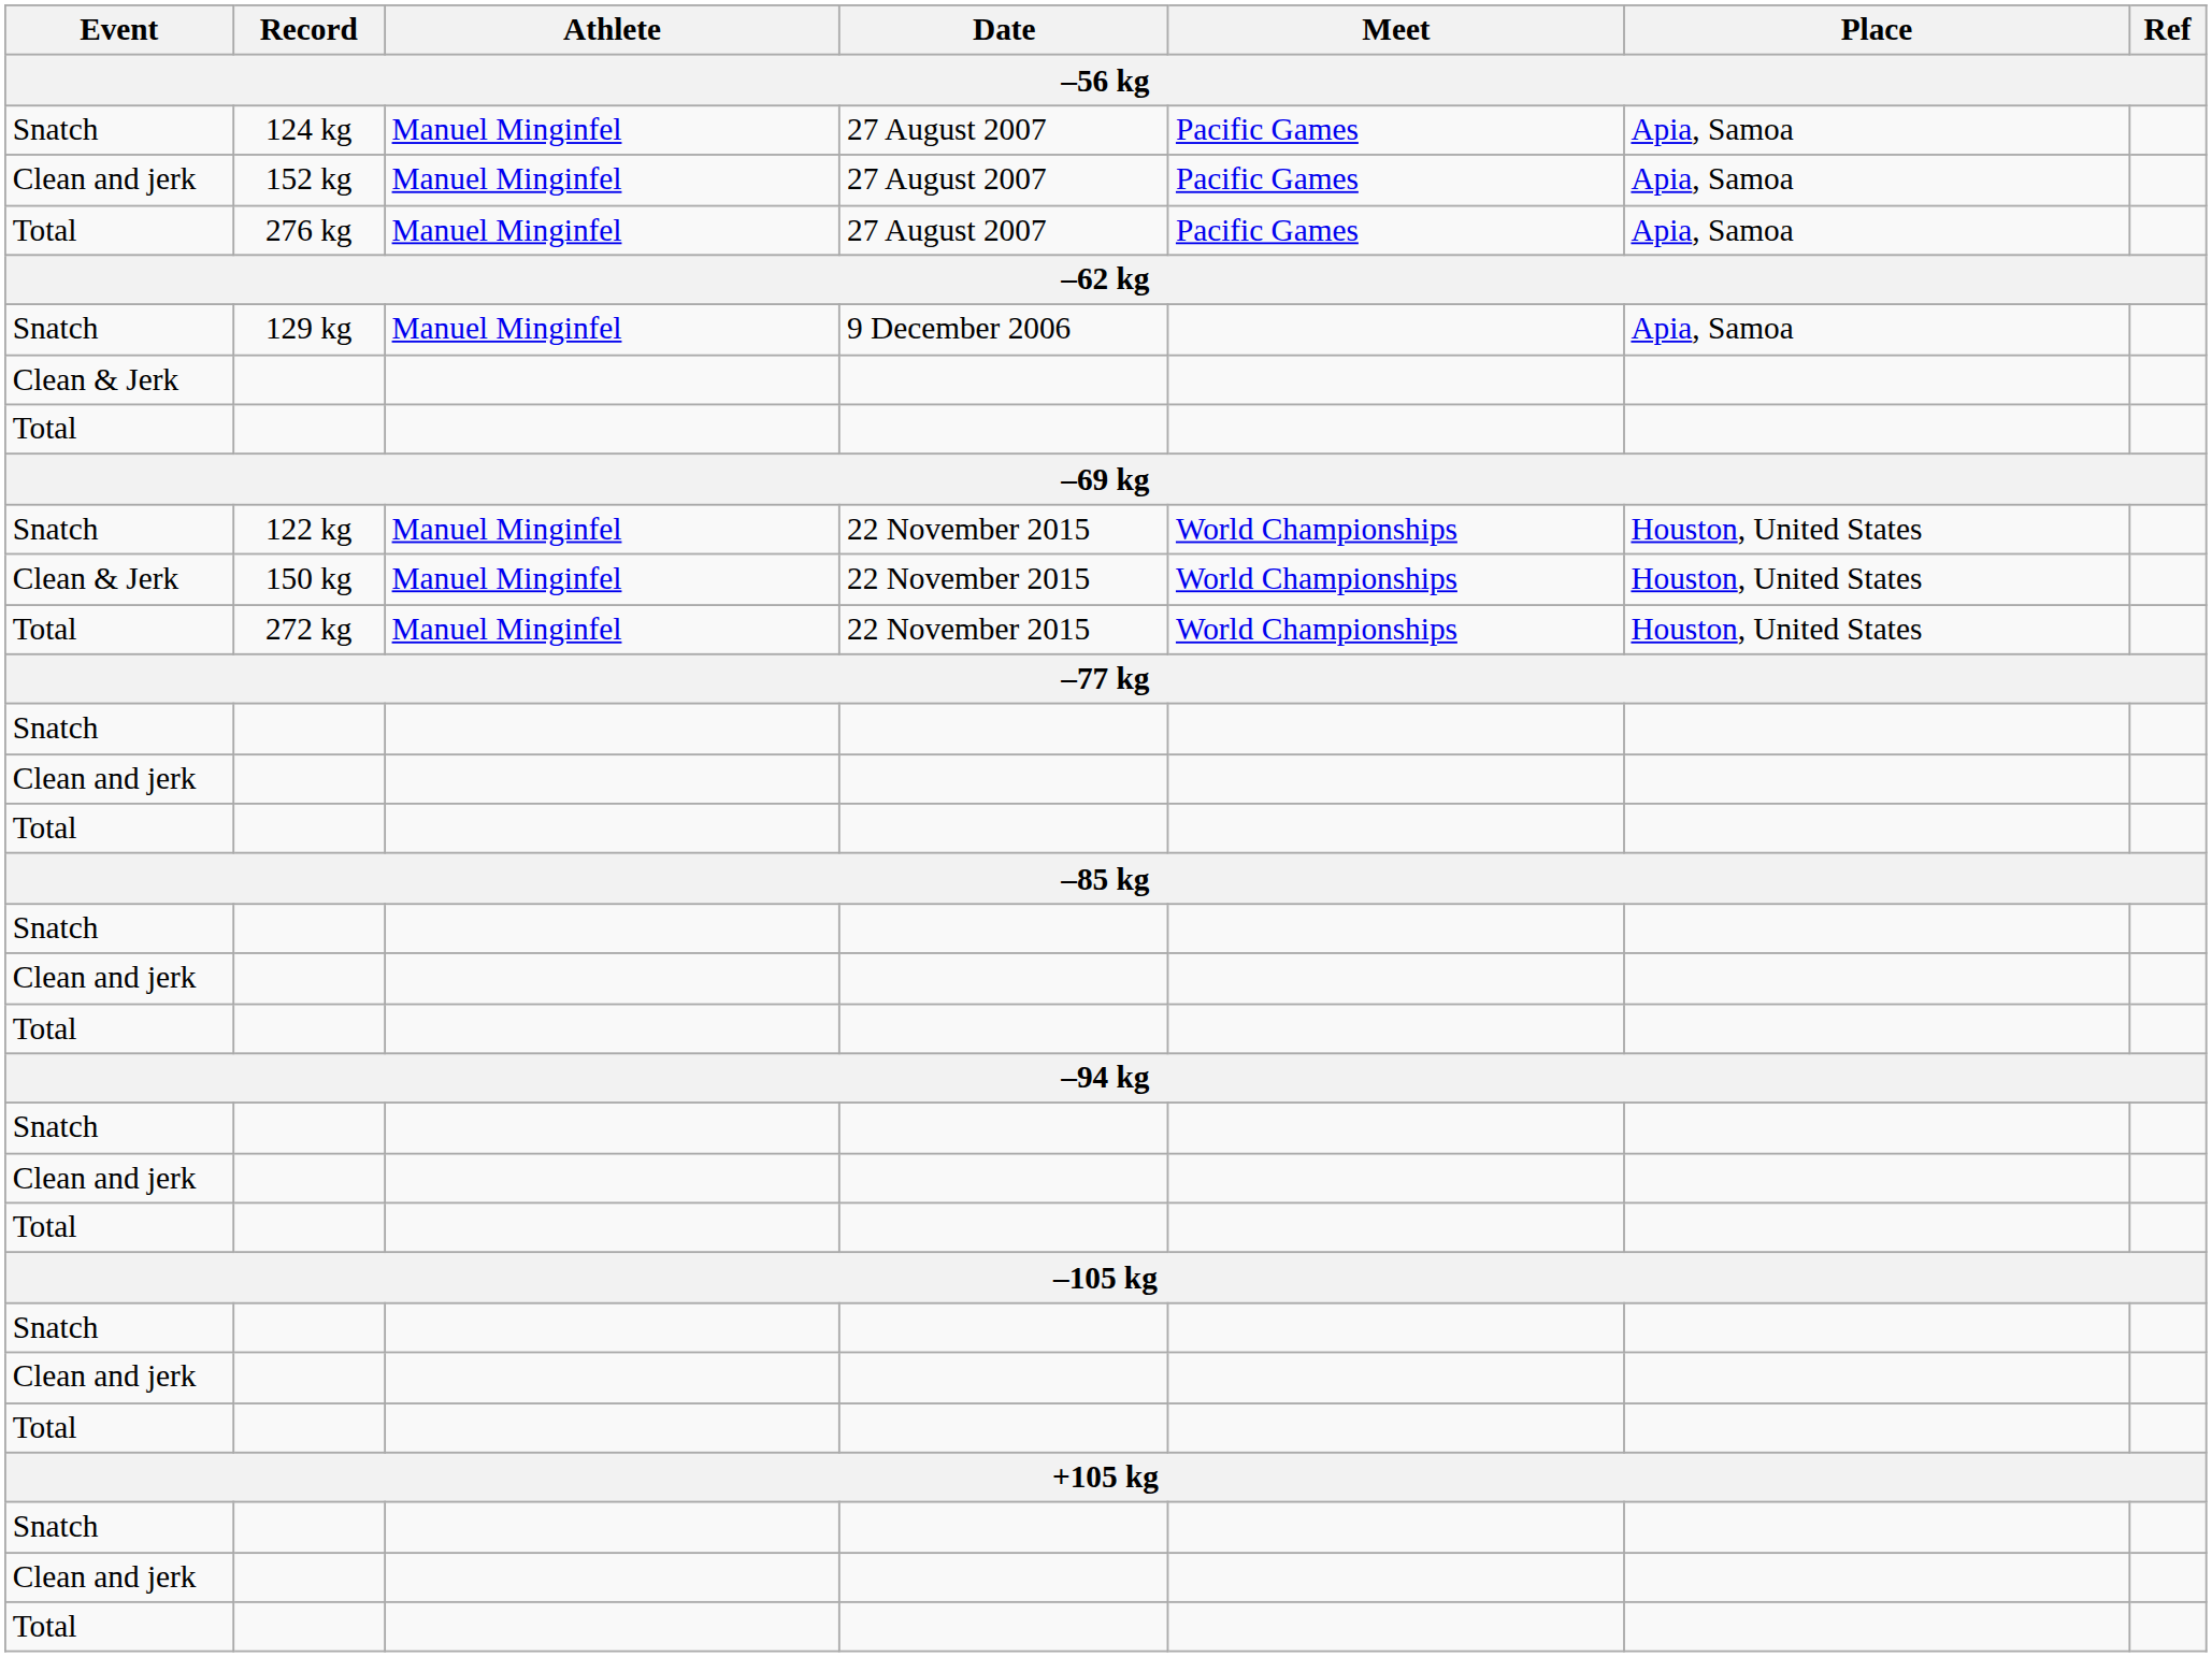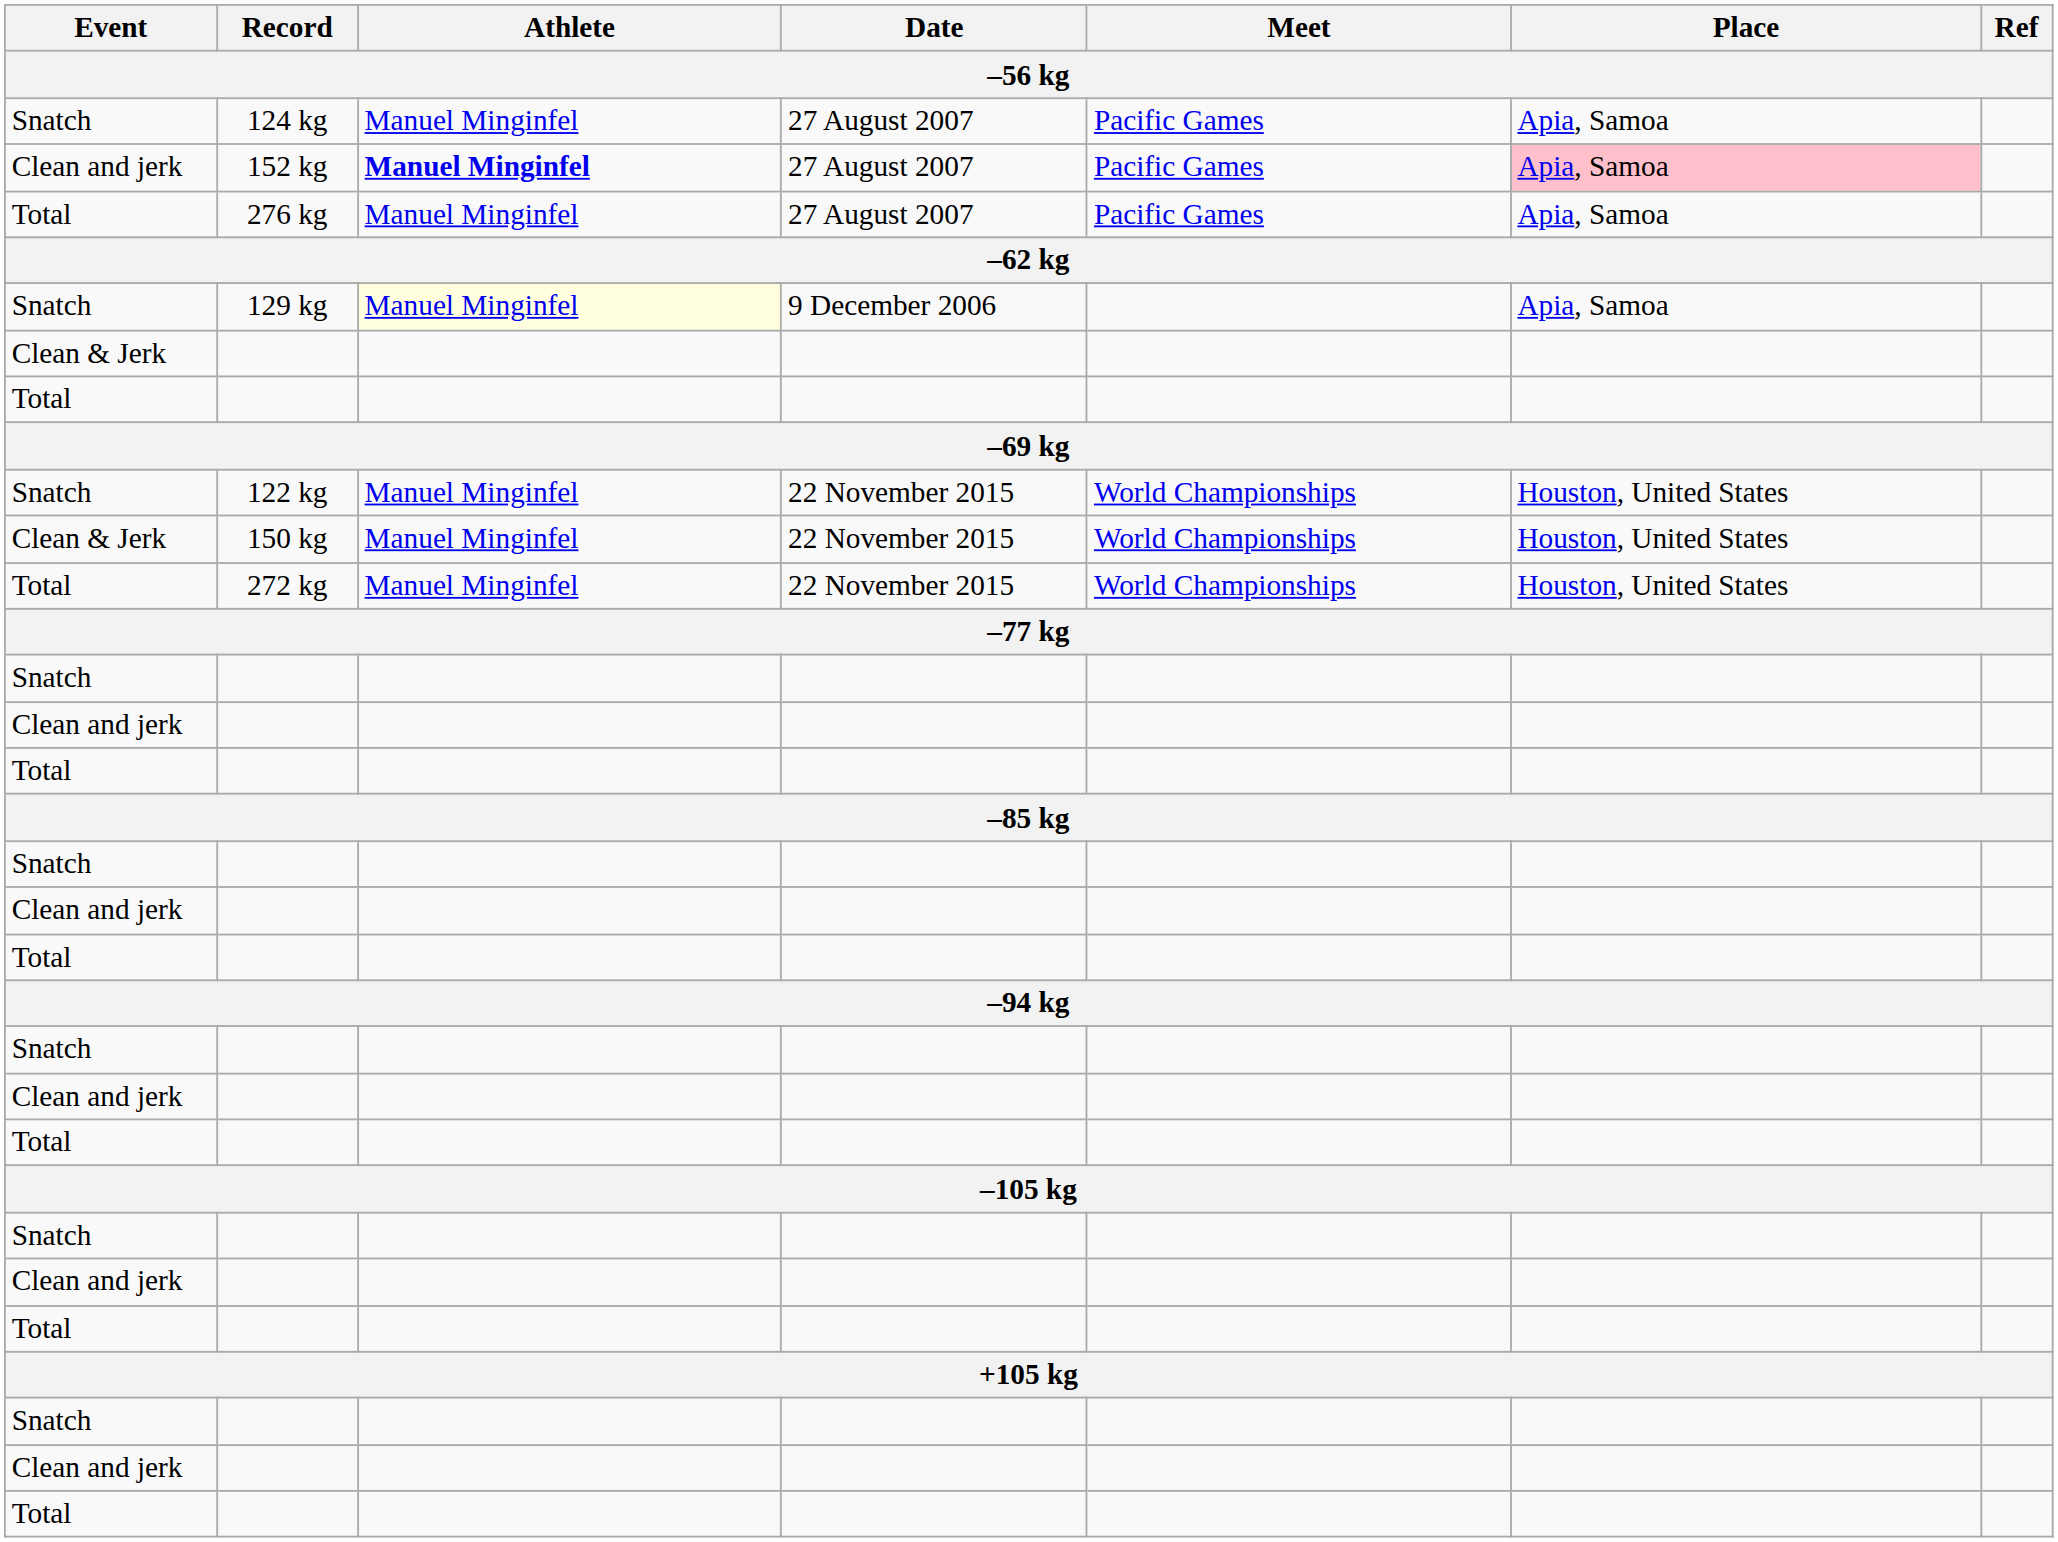 <table class="wikitable">
 <tr>
 <th width=9%>Event</th>
 <th width=6%>Record</th>
 <th width=18%>Athlete</th>
 <th width=13%>Date</th>
 <th width=18%>Meet</th>
 <th width=20%>Place</th>
 <th width=3%>Ref</th>
 </tr>
 <tr bgcolor="#DDDDDD">
 <th colspan="8">–56 kg</th>
 </tr>
 <tr>
 <td>Snatch</td>
 <td align="center">124 kg</td>
 <td><a href='#'>Manuel Minginfel</a></td>
 <td>27 August 2007</td>
 <td><a href='#'>Pacific Games</a></td>
 <td> <a href='#'>Apia</a>, Samoa</td>
 <td></td>
 </tr>
 <tr>
 <td>Clean and jerk</td>
 <td align="center">152 kg</td>
-<td><a href='#'>Manuel Minginfel</a></td>
+<td><strong><a href='#'>Manuel Minginfel</a></strong></td>
 <td>27 August 2007</td>
 <td><a href='#'>Pacific Games</a></td>
-<td> <a href='#'>Apia</a>, Samoa</td>
+<td style="background: pink;"> <a href='#'>Apia</a>, Samoa</td>
 <td></td>
 </tr>
 <tr>
 <td>Total</td>
 <td align="center">276 kg</td>
 <td><a href='#'>Manuel Minginfel</a></td>
 <td>27 August 2007</td>
 <td><a href='#'>Pacific Games</a></td>
 <td> <a href='#'>Apia</a>, Samoa</td>
 <td></td>
 </tr>
 <tr bgcolor="#DDDDDD">
 <th colspan="8">–62 kg</th>
 </tr>
 <tr>
 <td>Snatch</td>
 <td align="center">129 kg</td>
-<td><a href='#'>Manuel Minginfel</a></td>
+<td style="background: lightyellow;"><a href='#'>Manuel Minginfel</a></td>
 <td>9 December 2006</td>
 <td></td>
 <td> <a href='#'>Apia</a>, Samoa</td>
 <td></td>
 </tr>
 <tr>
 <td>Clean & Jerk</td>
 <td align="center"></td>
 <td></td>
 <td></td>
 <td></td>
 <td></td>
 <td></td>
 </tr>
 <tr>
 <td>Total</td>
 <td align="center"></td>
 <td></td>
 <td></td>
 <td></td>
 <td></td>
 <td></td>
 </tr>
 <tr bgcolor="#DDDDDD">
 <th colspan="8">–69 kg</th>
 </tr>
 <tr>
 <td>Snatch</td>
 <td align="center">122 kg</td>
 <td><a href='#'>Manuel Minginfel</a></td>
 <td>22 November 2015</td>
 <td><a href='#'>World Championships</a></td>
 <td> <a href='#'>Houston</a>, United States</td>
 <td></td>
 </tr>
 <tr>
 <td>Clean & Jerk</td>
 <td align="center">150 kg</td>
 <td><a href='#'>Manuel Minginfel</a></td>
 <td>22 November 2015</td>
 <td><a href='#'>World Championships</a></td>
 <td> <a href='#'>Houston</a>, United States</td>
 <td></td>
 </tr>
 <tr>
 <td>Total</td>
 <td align="center">272 kg</td>
 <td><a href='#'>Manuel Minginfel</a></td>
 <td>22 November 2015</td>
 <td><a href='#'>World Championships</a></td>
 <td> <a href='#'>Houston</a>, United States</td>
 <td></td>
 </tr>
 <tr bgcolor="#DDDDDD">
 <th colspan="8">–77 kg</th>
 </tr>
 <tr>
 <td>Snatch</td>
 <td></td>
 <td></td>
 <td></td>
 <td></td>
 <td></td>
 <td></td>
 </tr>
 <tr>
 <td>Clean and jerk</td>
 <td></td>
 <td></td>
 <td></td>
 <td></td>
 <td></td>
 <td></td>
 </tr>
 <tr>
 <td>Total</td>
 <td></td>
 <td></td>
 <td></td>
 <td></td>
 <td></td>
 <td></td>
 </tr>
 <tr bgcolor="#DDDDDD">
 <th colspan="8">–85 kg</th>
 </tr>
 <tr>
 <td>Snatch</td>
 <td align="center"></td>
 <td></td>
 <td></td>
 <td></td>
 <td></td>
 <td></td>
 </tr>
 <tr>
 <td>Clean and jerk</td>
 <td align="center"></td>
 <td></td>
 <td></td>
 <td></td>
 <td></td>
 <td></td>
 </tr>
 <tr>
 <td>Total</td>
 <td align="center"></td>
 <td></td>
 <td></td>
 <td></td>
 <td></td>
 <td></td>
 </tr>
 <tr bgcolor="#DDDDDD">
 <th colspan="8">–94 kg</th>
 </tr>
 <tr>
 <td>Snatch</td>
 <td align="center"></td>
 <td></td>
 <td></td>
 <td></td>
 <td></td>
 <td></td>
 </tr>
 <tr>
 <td>Clean and jerk</td>
 <td align="center"></td>
 <td></td>
 <td></td>
 <td></td>
 <td></td>
 <td></td>
 </tr>
 <tr>
 <td>Total</td>
 <td align="center"></td>
 <td></td>
 <td></td>
 <td></td>
 <td></td>
 <td></td>
 </tr>
 <tr bgcolor="#DDDDDD">
 <th colspan="8">–105 kg</th>
 </tr>
 <tr>
 <td>Snatch</td>
 <td></td>
 <td></td>
 <td></td>
 <td></td>
 <td></td>
 <td></td>
 </tr>
 <tr>
 <td>Clean and jerk</td>
 <td align="center"></td>
 <td></td>
 <td></td>
 <td></td>
 <td></td>
 <td></td>
 </tr>
 <tr>
 <td>Total</td>
 <td></td>
 <td></td>
 <td></td>
 <td></td>
 <td></td>
 <td></td>
 </tr>
 <tr bgcolor="#DDDDDD">
 <th colspan="8">+105 kg</th>
 </tr>
 <tr>
 <td>Snatch</td>
 <td align="center"></td>
 <td></td>
 <td></td>
 <td></td>
 <td></td>
 <td></td>
 </tr>
 <tr>
 <td>Clean and jerk</td>
 <td></td>
 <td></td>
 <td></td>
 <td></td>
 <td></td>
 <td></td>
 </tr>
 <tr>
 <td>Total</td>
 <td></td>
 <td></td>
 <td></td>
 <td></td>
 <td></td>
 <td></td>
 </tr>
 </table>
